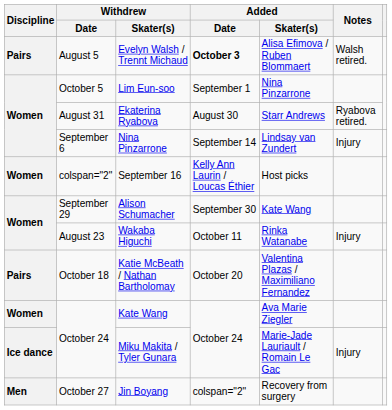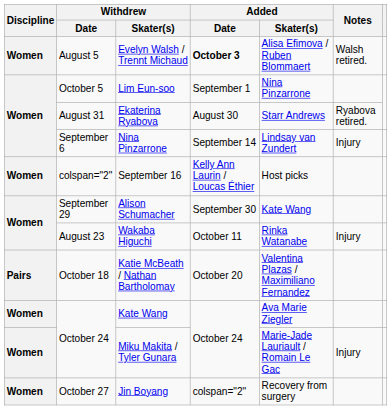 <table class="wikitable unsortable">
 <tr>
 <th scope="col" rowspan=2>Discipline</th>
 <th scope="col" colspan=2>Withdrew</th>
 <th scope="col" colspan=2>Added</th>
 <th scope="col" rowspan=2>Notes</th>
 <th scope="col" rowspan=2></th>
 </tr>
 <tr>
 <th>Date</th>
 <th>Skater(s)</th>
 <th>Date</th>
 <th>Skater(s)</th>
 </tr>
 <tr>
-<th scope="row" style="text-align:left">Pairs</th>
+<th scope="row" style="text-align:left">Women</th>
 <td>August 5</td>
 <td> <a href='#'>Evelyn Walsh</a> / <a href='#'>Trennt Michaud</a></td>
 <td><strong>October 3</strong></td>
 <td> <a href='#'>Alisa Efimova</a> / <a href='#'>Ruben Blommaert</a></td>
 <td>Walsh retired.</td>
 <td></td>
 </tr>
 <tr>
 <th scope="row" style="text-align:left" rowspan="3">Women</th>
 <td>October 5</td>
 <td> <a href='#'>Lim Eun-soo</a></td>
 <td>September 1</td>
 <td> <a href='#'>Nina Pinzarrone</a></td>
 <td></td>
 <td rowspan = 2></td>
 </tr>
 <tr>
 <td>August 31</td>
 <td> <a href='#'>Ekaterina Ryabova</a></td>
 <td>August 30</td>
 <td> <a href='#'>Starr Andrews</a></td>
 <td>Ryabova retired.</td>
 </tr>
 <tr>
 <td>September 6</td>
 <td> <a href='#'>Nina Pinzarrone</a></td>
 <td>September 14</td>
 <td> <a href='#'>Lindsay van Zundert</a></td>
 <td>Injury</td>
 <td></td>
 </tr>
 <tr>
 <th scope="row" style="text-align:left">Women</th>
 <td>colspan="2" </td>
 <td>September 16</td>
 <td> <a href='#'>Kelly Ann Laurin</a> / <a href='#'>Loucas Éthier</a></td>
 <td>Host picks</td>
 <td></td>
 </tr>
 <tr>
 <th scope="row" style="text-align:left" rowspan=2>Women</th>
 <td>September 29</td>
 <td> <a href='#'>Alison Schumacher</a></td>
 <td>September 30</td>
 <td> <a href='#'>Kate Wang</a></td>
 <td></td>
 <td></td>
 </tr>
 <tr>
 <td>August 23</td>
 <td> <a href='#'>Wakaba Higuchi</a></td>
 <td>October 11</td>
 <td> <a href='#'>Rinka Watanabe</a></td>
 <td>Injury</td>
 <td></td>
 </tr>
 <tr>
 <th scope="row" style="text-align:left">Pairs</th>
 <td>October 18</td>
 <td> <a href='#'>Katie McBeath</a> / <a href='#'>Nathan Bartholomay</a></td>
 <td>October 20</td>
 <td> <a href='#'>Valentina Plazas</a> / <a href='#'>Maximiliano Fernandez</a></td>
 <td></td>
 <td></td>
 </tr>
 <tr>
 <th scope="row" style="text-align:left">Women</th>
 <td rowspan=2>October 24</td>
 <td> <a href='#'>Kate Wang</a></td>
 <td rowspan=2>October 24</td>
 <td> <a href='#'>Ava Marie Ziegler</a></td>
 <td></td>
 <td></td>
 </tr>
 <tr>
-<th scope="row" style="text-align:left">Ice dance</th>
+<th scope="row" style="text-align:left">Women</th>
 <td> <a href='#'>Miku Makita</a> / <a href='#'>Tyler Gunara</a></td>
 <td> <a href='#'>Marie-Jade Lauriault</a> / <a href='#'>Romain Le Gac</a></td>
 <td>Injury</td>
 <td></td>
 </tr>
 <tr>
-<th scope="row" style="text-align:left">Men</th>
+<th scope="row" style="text-align:left">Women</th>
 <td>October 27</td>
 <td> <a href='#'>Jin Boyang</a></td>
 <td>colspan="2" </td>
 <td>Recovery from surgery</td>
 <td></td>
 </tr>
 </table>
